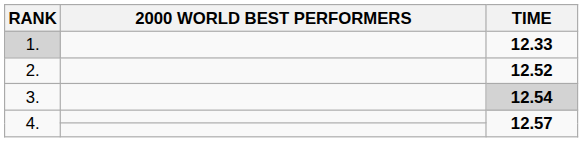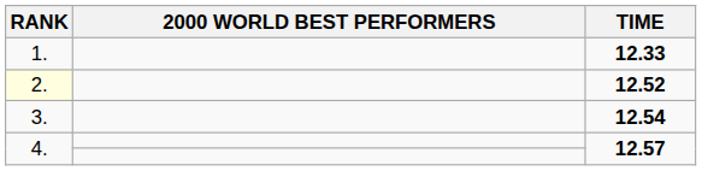 <table class="wikitable" style="border-collapse: collapse; font-size: 90%;">
 <tr>
 <th>RANK</th>
 <th align="center" style="width: 25em">2000 WORLD BEST PERFORMERS</th>
 <th align="center" style="width: 5em">TIME</th>
 </tr>
 <tr>
-<td align="center" style="background: lightgrey;">1.</td>
+<td align="center">1.</td>
 <td></td>
 <td align="center"><strong>12.33</strong></td>
 </tr>
 <tr>
-<td align="center">2.</td>
+<td align="center" style="background: lightyellow;">2.</td>
 <td></td>
 <td align="center"><strong>12.52</strong></td>
 </tr>
 <tr>
 <td align="center">3.</td>
 <td></td>
-<td align="center" style="background: lightgrey;"><strong>12.54</strong></td>
+<td align="center"><strong>12.54</strong></td>
 </tr>
 <tr>
 <td rowspan=2 align="center">4.</td>
 <td></td>
 <td rowspan=2 align="center"><strong>12.57</strong></td>
 </tr>
 <tr>
 <td></td>
 </tr>
 </table>
